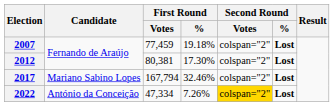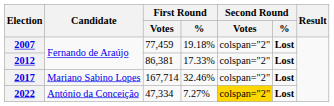 <table class="wikitable">
 <tr>
 <th rowspan="2">Election</th>
 <th rowspan="2">Candidate</th>
 <th colspan="2">First Round</th>
 <th colspan="2">Second Round</th>
 <th rowspan="2">Result</th>
 </tr>
 <tr>
 <th>Votes</th>
 <th>%</th>
 <th>Votes</th>
 <th>%</th>
 </tr>
 <tr>
 <th><a href='#'>2007</a></th>
 <td rowspan="2"><a href='#'>Fernando de Araújo</a></td>
 <td>77,459</td>
 <td>19.18%</td>
 <td>colspan="2" </td>
 <td><strong>Lost</strong> </td>
 </tr>
 <tr>
 <th><a href='#'>2012</a></th>
-<td>80,381</td>
-<td>17.30%</td>
+<td>86,381</td>
+<td>17.33%</td>
 <td>colspan="2" </td>
 <td><strong>Lost</strong> </td>
 </tr>
 <tr>
 <th><a href='#'>2017</a></th>
 <td><a href='#'>Mariano Sabino Lopes</a></td>
-<td>167,794</td>
+<td>167,714</td>
 <td>32.46%</td>
 <td>colspan="2" </td>
 <td><strong>Lost</strong> </td>
 </tr>
 <tr>
 <th><a href='#'>2022</a></th>
 <td><a href='#'>António da Conceição</a></td>
 <td>47,334</td>
-<td>7.26%</td>
+<td>7.27%</td>
 <td style="background: gold;">colspan="2" </td>
 <td><strong>Lost</strong> </td>
 </tr>
 </table>
